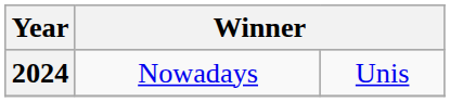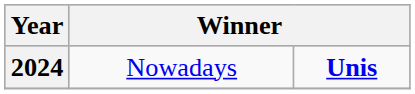 <table class="wikitable plainrowheaders" style="text-align:center">
 <tr>
 <th scope="col">Year</th>
 <th scope="col" width="200" colspan='2'>Winner</th>
 </tr>
 <tr>
 <th scope="row">2024</th>
 <td><a href='#'>Nowadays</a></td>
-<td><a href='#'>Unis</a></td>
+<td><strong><a href='#'>Unis</a></strong></td>
 </tr>
 <tr>
 </tr>
 </table>
